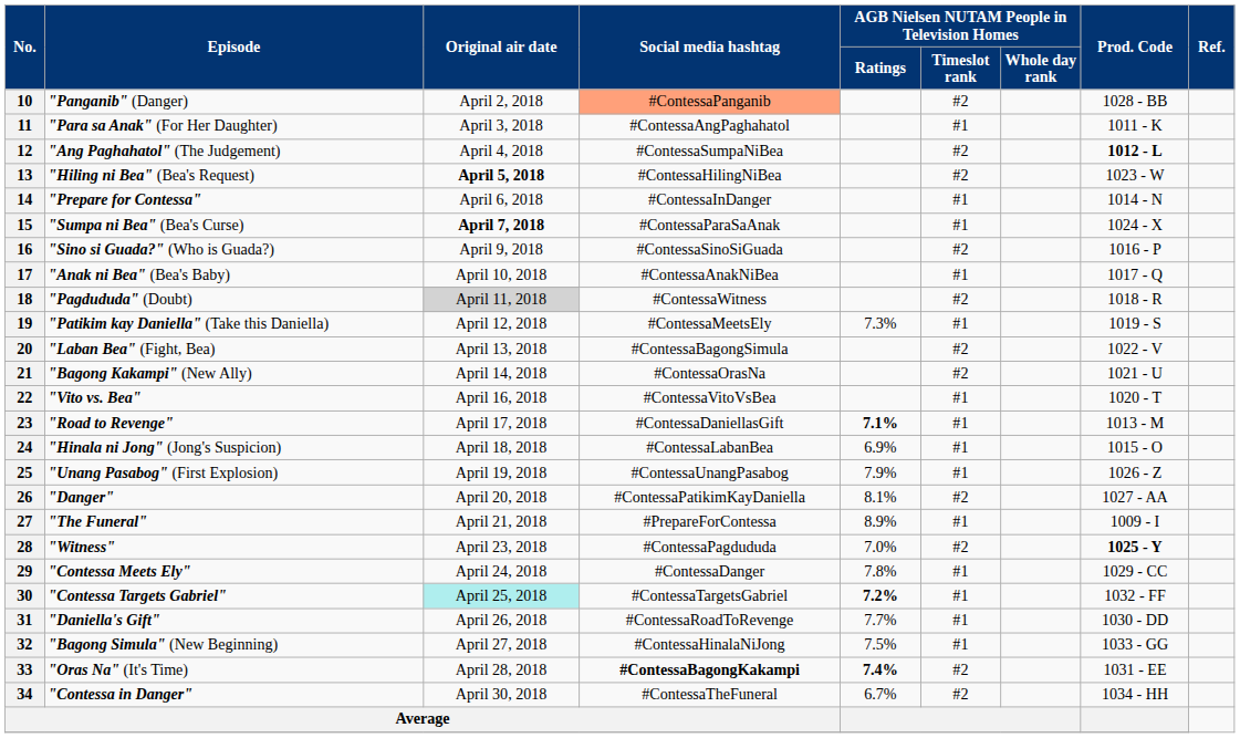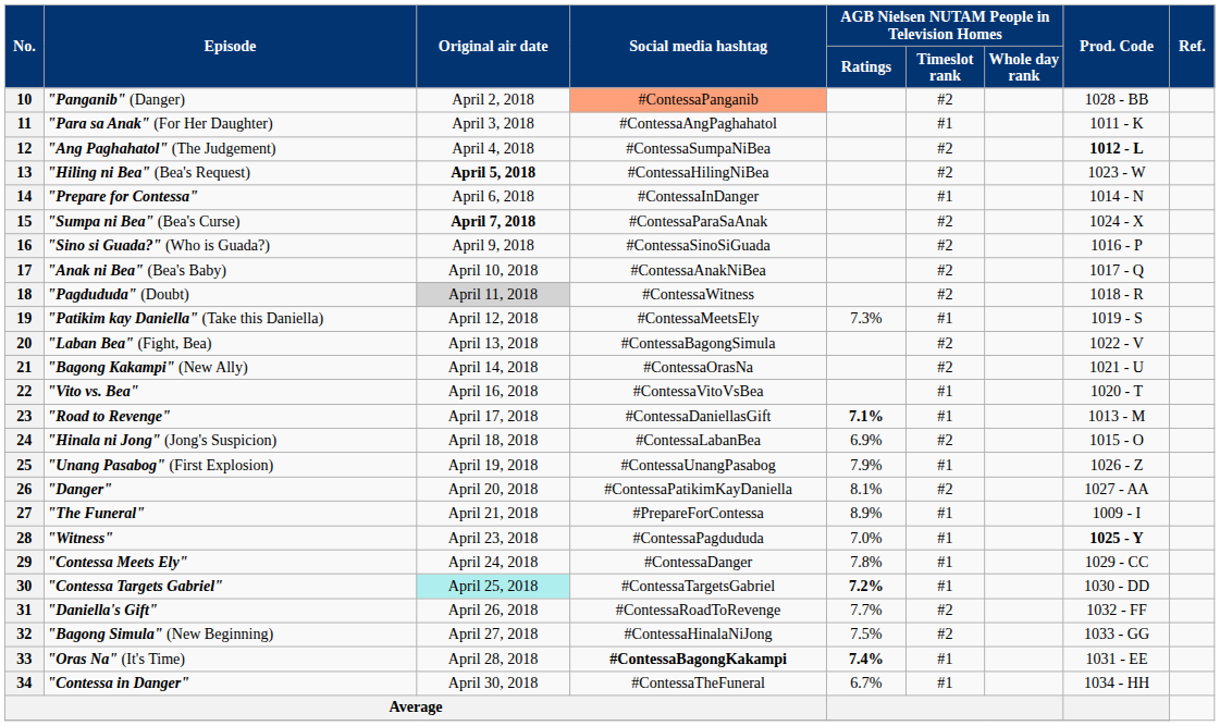 <table class="wikitable" style="text-align:center; font-size:100%; line-height:18px;" width="100%">
 <tr>
 <th style="background-color:#023472; color:#ffffff;" rowspan="2">No.</th>
 <th style="background-color:#023472; color:#ffffff;" rowspan="2">Episode</th>
 <th style="background-color:#023472; color:white" rowspan="2">Original air date</th>
 <th style="background-color:#023472; color:white" rowspan="2">Social media hashtag</th>
 <th style="background-color:#023472; color:#ffffff;" colspan="3">AGB Nielsen NUTAM People in Television Homes</th>
 <th style="background-color:#023472; color:white" rowspan="2">Prod. Code</th>
 <th style="background-color:#023472; color:#ffffff;" rowspan="2">Ref.</th>
 </tr>
 <tr>
 <th style="background-color:#023472; width:75px; color:#ffffff;">Ratings</th>
 <th style="background-color:#023472; width:75px; color:#ffffff;">Timeslot<br>rank</th>
 <th style="background-color:#023472; width:75px; color:#ffffff;">Whole day<br>rank</th>
 </tr>
 <tr>
 <th>10</th>
 <td style="text-align: left;"><strong><em>"Panganib"</em></strong> (Danger)</td>
 <td>April 2, 2018</td>
 <td style="background: lightsalmon;">#ContessaPanganib</td>
 <td></td>
 <td>#2</td>
 <td></td>
 <td>1028 - BB</td>
 <td></td>
 </tr>
 <tr>
 <th>11</th>
 <td style="text-align: left;"><strong><em>"Para sa Anak"</em></strong> (For Her Daughter)</td>
 <td>April 3, 2018</td>
 <td>#ContessaAngPaghahatol</td>
 <td></td>
 <td>#1</td>
 <td></td>
 <td>1011 - K</td>
 <td></td>
 </tr>
 <tr>
 <th>12</th>
 <td style="text-align: left;"><strong><em>"Ang Paghahatol"</em></strong> (The Judgement)</td>
 <td>April 4, 2018</td>
 <td>#ContessaSumpaNiBea</td>
 <td></td>
 <td>#2</td>
 <td></td>
 <td><strong>1012 - L</strong></td>
 <td></td>
 </tr>
 <tr>
 <th>13</th>
 <td style="text-align: left;"><strong><em>"Hiling ni Bea"</em></strong> (Bea's Request)</td>
 <td><strong>April 5, 2018</strong></td>
 <td>#ContessaHilingNiBea</td>
 <td></td>
 <td>#2</td>
 <td></td>
 <td>1023 - W</td>
 <td></td>
 </tr>
 <tr>
 <th>14</th>
 <td style="text-align: left;"><strong><em>"Prepare for Contessa"</em></strong></td>
 <td>April 6, 2018</td>
 <td>#ContessaInDanger</td>
 <td></td>
 <td>#1</td>
 <td></td>
 <td>1014 - N</td>
 <td></td>
 </tr>
 <tr>
 <th>15</th>
 <td style="text-align: left;"><strong><em>"Sumpa ni Bea"</em></strong> (Bea's Curse)</td>
 <td><strong>April 7, 2018</strong></td>
 <td>#ContessaParaSaAnak</td>
 <td></td>
-<td>#1</td>
+<td>#2</td>
 <td></td>
 <td>1024 - X</td>
 <td></td>
 </tr>
 <tr>
 <th>16</th>
 <td style="text-align: left;"><strong><em>"Sino si Guada?"</em></strong> (Who is Guada?)</td>
 <td>April 9, 2018</td>
 <td>#ContessaSinoSiGuada</td>
 <td></td>
 <td>#2</td>
 <td></td>
 <td>1016 - P</td>
 <td></td>
 </tr>
 <tr>
 <th>17</th>
 <td style="text-align: left;"><strong><em>"Anak ni Bea"</em></strong> (Bea's Baby)</td>
 <td>April 10, 2018</td>
 <td>#ContessaAnakNiBea</td>
 <td></td>
-<td>#1</td>
+<td>#2</td>
 <td></td>
 <td>1017 - Q</td>
 <td></td>
 </tr>
 <tr>
 <th>18</th>
 <td style="text-align: left;"><strong><em>"Pagdududa"</em></strong> (Doubt)</td>
 <td style="background: lightgrey;">April 11, 2018</td>
 <td>#ContessaWitness</td>
 <td></td>
 <td>#2</td>
 <td></td>
 <td>1018 - R</td>
 <td></td>
 </tr>
 <tr>
 <th>19</th>
 <td style="text-align: left;"><strong><em>"Patikim kay Daniella"</em></strong> (Take this Daniella)</td>
 <td>April 12, 2018</td>
 <td>#ContessaMeetsEly</td>
 <td>7.3%</td>
 <td>#1</td>
 <td></td>
 <td>1019 - S</td>
 <td></td>
 </tr>
 <tr>
 <th>20</th>
 <td style="text-align: left;"><strong><em>"Laban Bea"</em></strong> (Fight, Bea)</td>
 <td>April 13, 2018</td>
 <td>#ContessaBagongSimula</td>
 <td></td>
 <td>#2</td>
 <td></td>
 <td>1022 - V</td>
 <td></td>
 </tr>
 <tr>
 <th>21</th>
 <td style="text-align: left;"><strong><em>"Bagong Kakampi"</em></strong> (New Ally)</td>
 <td>April 14, 2018</td>
 <td>#ContessaOrasNa</td>
 <td></td>
 <td>#2</td>
 <td></td>
 <td>1021 - U</td>
 <td></td>
 </tr>
 <tr>
 <th>22</th>
 <td style="text-align: left;"><strong><em>"Vito vs. Bea"</em></strong></td>
 <td>April 16, 2018</td>
 <td>#ContessaVitoVsBea</td>
 <td></td>
 <td>#1</td>
 <td></td>
 <td>1020 - T</td>
 <td></td>
 </tr>
 <tr>
 <th>23</th>
 <td style="text-align: left;"><strong><em>"Road to Revenge"</em></strong></td>
 <td>April 17, 2018</td>
 <td>#ContessaDaniellasGift</td>
 <td><strong>7.1%</strong></td>
 <td>#1</td>
 <td></td>
 <td>1013 - M</td>
 <td></td>
 </tr>
 <tr>
 <th>24</th>
 <td style="text-align: left;"><strong><em>"Hinala ni Jong"</em></strong> (Jong's Suspicion)</td>
 <td>April 18, 2018</td>
 <td>#ContessaLabanBea</td>
 <td>6.9%</td>
-<td>#1</td>
+<td>#2</td>
 <td></td>
 <td>1015 - O</td>
 <td></td>
 </tr>
 <tr>
 <th>25</th>
 <td style="text-align: left;"><strong><em>"Unang Pasabog"</em></strong> (First Explosion)</td>
 <td>April 19, 2018</td>
 <td>#ContessaUnangPasabog</td>
 <td>7.9%</td>
 <td>#1</td>
 <td></td>
 <td>1026 - Z</td>
 <td></td>
 </tr>
 <tr>
 <th>26</th>
 <td style="text-align: left;"><strong><em>"Danger"</em></strong></td>
 <td>April 20, 2018</td>
 <td>#ContessaPatikimKayDaniella</td>
 <td>8.1%</td>
 <td>#2</td>
 <td></td>
 <td>1027 - AA</td>
 <td></td>
 </tr>
 <tr>
 <th>27</th>
 <td style="text-align: left;"><strong><em>"The Funeral"</em></strong></td>
 <td>April 21, 2018</td>
 <td>#PrepareForContessa</td>
 <td>8.9%</td>
 <td>#1</td>
 <td></td>
 <td>1009 - I</td>
 <td></td>
 </tr>
 <tr>
 <th>28</th>
 <td style="text-align: left;"><strong><em>"Witness"</em></strong></td>
 <td>April 23, 2018</td>
 <td>#ContessaPagdududa</td>
 <td>7.0%</td>
-<td>#2</td>
+<td>#1</td>
 <td></td>
 <td><strong>1025 - Y</strong></td>
 <td></td>
 </tr>
 <tr>
 <th>29</th>
 <td style="text-align: left;"><strong><em>"Contessa Meets Ely"</em></strong></td>
 <td>April 24, 2018</td>
 <td>#ContessaDanger</td>
 <td>7.8%</td>
 <td>#1</td>
 <td></td>
 <td>1029 - CC</td>
 <td></td>
 </tr>
 <tr>
 <th>30</th>
 <td style="text-align: left;"><strong><em>"Contessa Targets Gabriel"</em></strong></td>
 <td style="background: paleturquoise;">April 25, 2018</td>
 <td>#ContessaTargetsGabriel</td>
 <td><strong>7.2%</strong></td>
 <td>#1</td>
 <td></td>
-<td>1032 - FF</td>
+<td>1030 - DD</td>
 <td></td>
 </tr>
 <tr>
 <th>31</th>
 <td style="text-align: left;"><strong><em>"Daniella's Gift"</em></strong></td>
 <td>April 26, 2018</td>
 <td>#ContessaRoadToRevenge</td>
 <td>7.7%</td>
-<td>#1</td>
+<td>#2</td>
 <td></td>
-<td>1030 - DD</td>
+<td>1032 - FF</td>
 <td></td>
 </tr>
 <tr>
 <th>32</th>
 <td style="text-align: left;"><strong><em>"Bagong Simula"</em></strong> (New Beginning)</td>
 <td>April 27, 2018</td>
 <td>#ContessaHinalaNiJong</td>
 <td>7.5%</td>
-<td>#1</td>
+<td>#2</td>
 <td></td>
 <td>1033 - GG</td>
 <td></td>
 </tr>
 <tr>
 <th>33</th>
 <td style="text-align: left;"><strong><em>"Oras Na"</em></strong> (It's Time)</td>
 <td>April 28, 2018</td>
 <td><strong>#ContessaBagongKakampi</strong></td>
 <td><strong>7.4%</strong></td>
-<td>#2</td>
+<td>#1</td>
 <td></td>
 <td>1031 - EE</td>
 <td></td>
 </tr>
 <tr>
 <th>34</th>
 <td style="text-align: left;"><strong><em>"Contessa in Danger"</em></strong></td>
 <td>April 30, 2018</td>
 <td>#ContessaTheFuneral</td>
 <td>6.7%</td>
-<td>#2</td>
+<td>#1</td>
 <td></td>
 <td>1034 - HH</td>
 <td></td>
 </tr>
 <tr>
 <th colspan="4">Average</th>
 <th colspan="3"></th>
 <th></th>
 </tr>
 <tr>
 </tr>
 </table>
